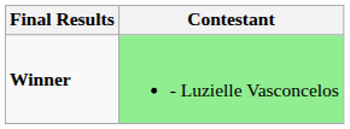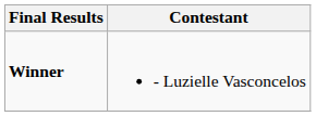 <table class="wikitable">
 <tr>
 <th>Final Results</th>
 <th>Contestant</th>
 </tr>
 <tr>
 <td><strong>Winner</strong></td>
-<td style="background: lightgreen;"><br><ul><li><strong></strong> - Luzielle Vasconcelos</li></ul></td>
+<td><br><ul><li><strong></strong> - Luzielle Vasconcelos</li></ul></td>
 </tr>
 <tr>
 </tr>
 </table>
